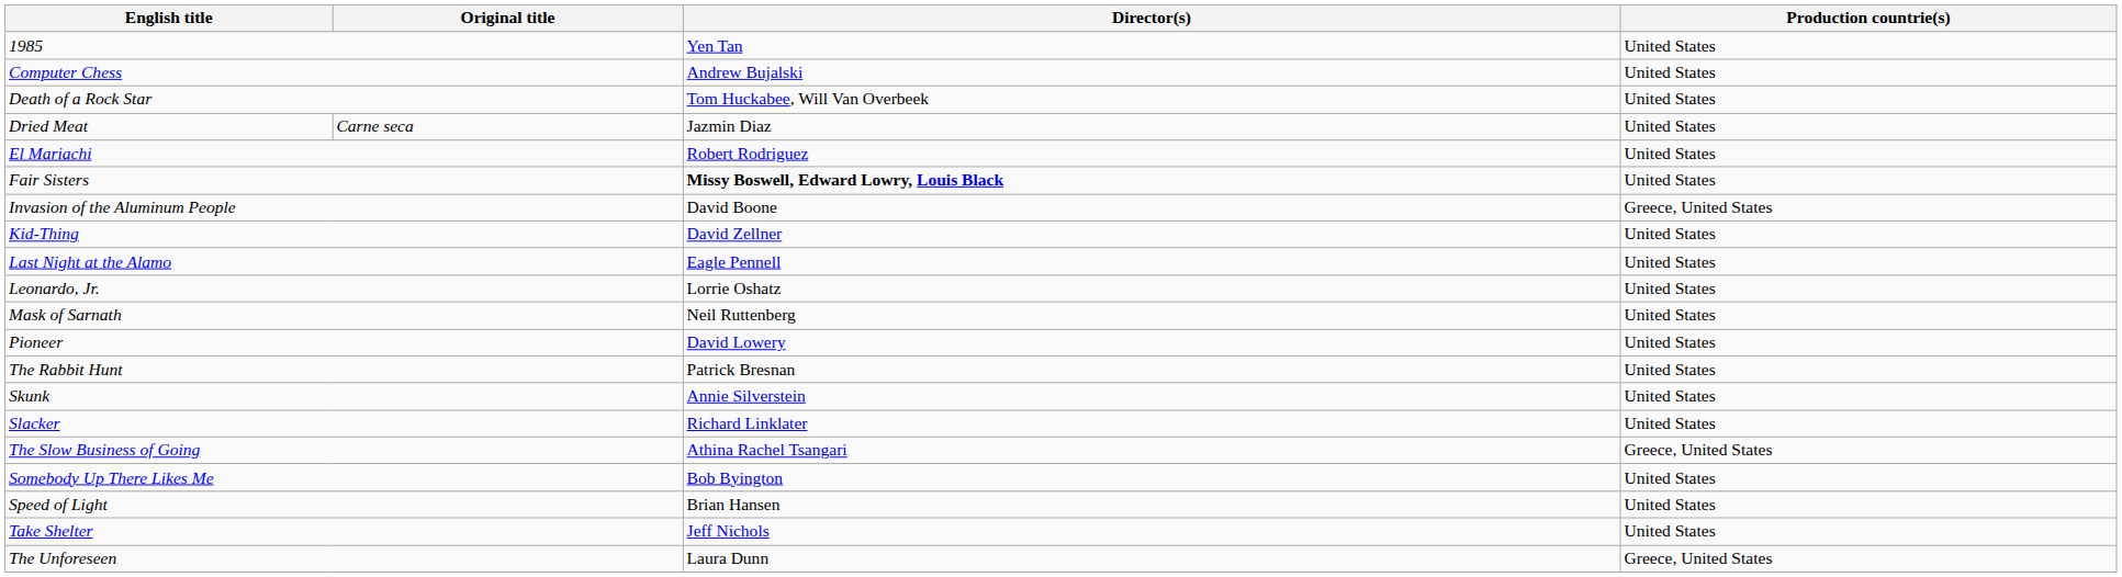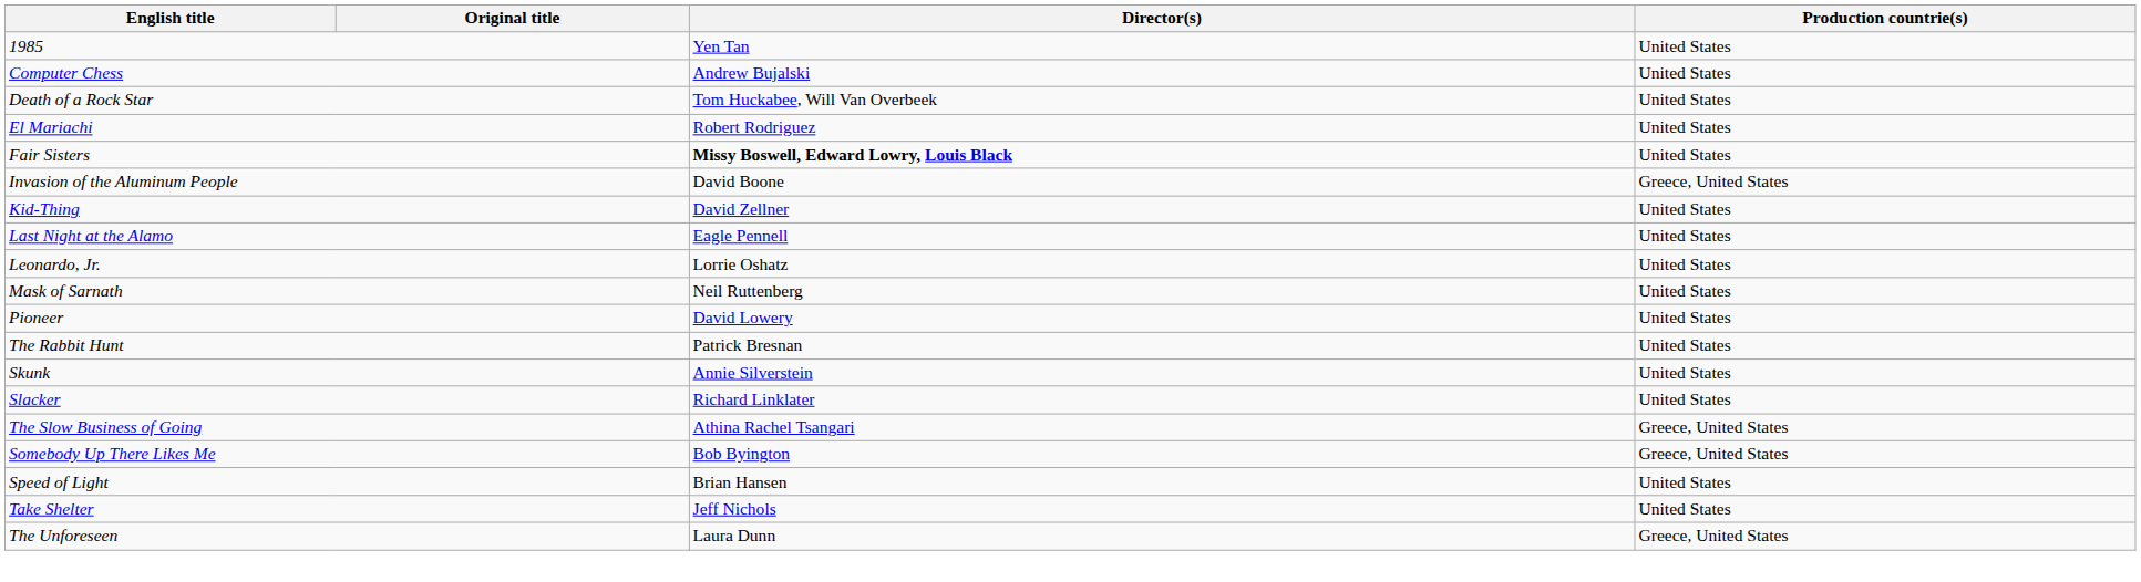 <table class="sortable wikitable" style="width:100%; margin-bottom:4px" cellpadding="5">
 <tr>
 <th scope="col">English title</th>
 <th scope="col">Original title</th>
 <th scope="col">Director(s)</th>
 <th scope="col">Production countrie(s)</th>
 </tr>
 <tr>
 <td colspan="2"><em>1985</em></td>
 <td><a href='#'>Yen Tan</a></td>
 <td>United States</td>
 </tr>
 <tr>
 <td colspan="2"><em><a href='#'>Computer Chess</a></em></td>
 <td><a href='#'>Andrew Bujalski</a></td>
 <td>United States</td>
 </tr>
 <tr>
 <td colspan="2"><em>Death of a Rock Star</em></td>
 <td><a href='#'>Tom Huckabee</a>, Will Van Overbeek</td>
-<td>United States</td>
-</tr>
-<tr>
-<td><em>Dried Meat</em></td>
-<td><em>Carne seca</em></td>
-<td>Jazmin Diaz</td>
 <td>United States</td>
 </tr>
 <tr>
 <td colspan="2"><em><a href='#'>El Mariachi</a></em></td>
 <td><a href='#'>Robert Rodriguez</a></td>
 <td>United States</td>
 </tr>
 <tr>
 <td colspan="2"><em>Fair Sisters</em></td>
 <td><strong>Missy Boswell, Edward Lowry, <a href='#'>Louis Black</a></strong></td>
 <td>United States</td>
 </tr>
 <tr>
 <td colspan="2"><em>Invasion of the Aluminum People</em></td>
 <td>David Boone</td>
 <td>Greece, United States</td>
 </tr>
 <tr>
 <td colspan="2"><em><a href='#'>Kid-Thing</a></em></td>
 <td><a href='#'>David Zellner</a></td>
 <td>United States</td>
 </tr>
 <tr>
 <td colspan="2"><em><a href='#'>Last Night at the Alamo</a></em></td>
 <td><a href='#'>Eagle Pennell</a></td>
 <td>United States</td>
 </tr>
 <tr>
 <td colspan="2"><em>Leonardo, Jr.</em></td>
 <td>Lorrie Oshatz</td>
 <td>United States</td>
 </tr>
 <tr>
 <td colspan="2"><em>Mask of Sarnath</em></td>
 <td>Neil Ruttenberg</td>
 <td>United States</td>
 </tr>
 <tr>
 <td colspan="2"><em>Pioneer</em></td>
 <td><a href='#'>David Lowery</a></td>
 <td>United States</td>
 </tr>
 <tr>
 <td colspan="2"><em>The Rabbit Hunt</em></td>
 <td>Patrick Bresnan</td>
 <td>United States</td>
 </tr>
 <tr>
 <td colspan="2"><em>Skunk</em></td>
 <td><a href='#'>Annie Silverstein</a></td>
 <td>United States</td>
 </tr>
 <tr>
 <td colspan="2"><em><a href='#'>Slacker</a></em></td>
 <td><a href='#'>Richard Linklater</a></td>
 <td>United States</td>
 </tr>
 <tr>
 <td colspan="2"><em><a href='#'>The Slow Business of Going</a></em></td>
 <td><a href='#'>Athina Rachel Tsangari</a></td>
 <td>Greece, United States</td>
 </tr>
 <tr>
 <td colspan="2"><em><a href='#'>Somebody Up There Likes Me</a></em></td>
 <td><a href='#'>Bob Byington</a></td>
-<td>United States</td>
+<td>Greece, United States</td>
 </tr>
 <tr>
 <td colspan="2"><em>Speed of Light</em></td>
 <td>Brian Hansen</td>
 <td>United States</td>
 </tr>
 <tr>
 <td colspan="2'"><em><a href='#'>Take Shelter</a></em></td>
 <td><a href='#'>Jeff Nichols</a></td>
 <td>United States</td>
 </tr>
 <tr>
 <td colspan="2"><em>The Unforeseen</em></td>
 <td>Laura Dunn</td>
 <td>Greece, United States</td>
 </tr>
 </table>
